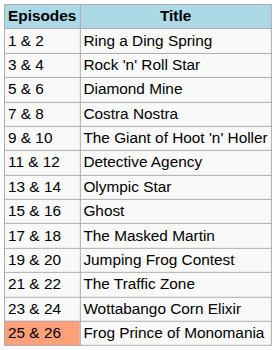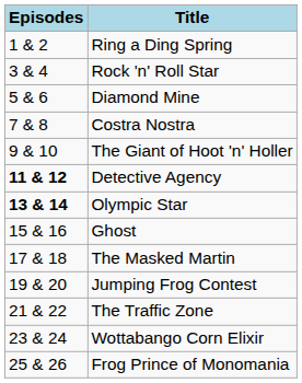 <table class="wikitable collapsible">
 <tr bgcolor="#ADD8E6">
 <th style="background-color:#ADD8E6;">Episodes</th>
 <th style="background-color:#ADD8E6;">Title</th>
 </tr>
 <tr>
 <td>1 & 2</td>
 <td>Ring a Ding Spring</td>
 </tr>
 <tr>
 <td>3 & 4</td>
 <td>Rock 'n' Roll Star</td>
 </tr>
 <tr>
 <td>5 & 6</td>
 <td>Diamond Mine</td>
 </tr>
 <tr>
 <td>7 & 8</td>
 <td>Costra Nostra</td>
 </tr>
 <tr>
 <td>9 & 10</td>
 <td>The Giant of Hoot 'n' Holler</td>
 </tr>
 <tr>
-<td>11 & 12</td>
+<td><strong>11 & 12</strong></td>
 <td>Detective Agency</td>
 </tr>
 <tr>
-<td>13 & 14</td>
+<td><strong>13 & 14</strong></td>
 <td>Olympic Star</td>
 </tr>
 <tr>
 <td>15 & 16</td>
 <td>Ghost</td>
 </tr>
 <tr>
 <td>17 & 18</td>
 <td>The Masked Martin</td>
 </tr>
 <tr>
 <td>19 & 20</td>
 <td>Jumping Frog Contest</td>
 </tr>
 <tr>
 <td>21 & 22</td>
 <td>The Traffic Zone</td>
 </tr>
 <tr>
 <td>23 & 24</td>
 <td>Wottabango Corn Elixir</td>
 </tr>
 <tr>
-<td style="background: lightsalmon;">25 & 26</td>
+<td>25 & 26</td>
 <td>Frog Prince of Monomania</td>
 </tr>
 </table>
